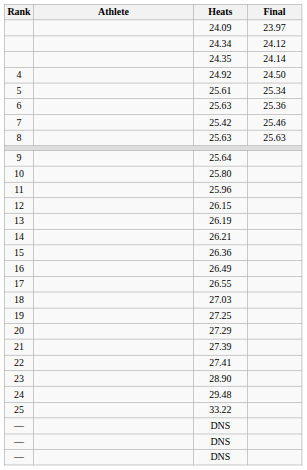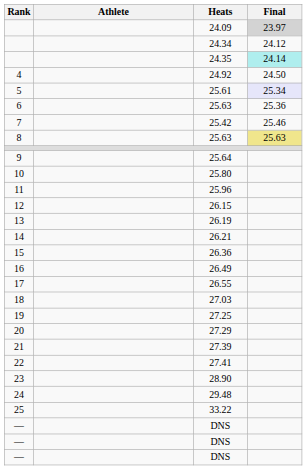 <table class=wikitable style="text-align:center">
 <tr>
 <th width=40>Rank</th>
 <th width=250>Athlete</th>
 <th width=80>Heats</th>
 <th width=80>Final</th>
 </tr>
 <tr>
 <td></td>
 <td align=left></td>
 <td>24.09</td>
-<td>23.97</td>
+<td style="background: lightgrey;">23.97</td>
 </tr>
 <tr>
 <td></td>
 <td align=left></td>
 <td>24.34</td>
 <td>24.12</td>
 </tr>
 <tr>
 <td></td>
 <td align=left></td>
 <td>24.35</td>
-<td>24.14</td>
+<td style="background: paleturquoise;">24.14</td>
 </tr>
 <tr>
 <td>4</td>
 <td align=left></td>
 <td>24.92</td>
 <td>24.50</td>
 </tr>
 <tr>
 <td>5</td>
 <td align=left></td>
 <td>25.61</td>
-<td>25.34</td>
+<td style="background: lavender;">25.34</td>
 </tr>
 <tr>
 <td>6</td>
 <td align=left></td>
 <td>25.63</td>
 <td>25.36</td>
 </tr>
 <tr>
 <td>7</td>
 <td align=left></td>
 <td>25.42</td>
 <td>25.46</td>
 </tr>
 <tr>
 <td>8</td>
 <td align=left></td>
 <td>25.63</td>
-<td>25.63</td>
+<td style="background: khaki;">25.63</td>
 </tr>
 <tr bgcolor=#DDDDDD>
 <td colspan=4></td>
 </tr>
 <tr>
 <td>9</td>
 <td align=left></td>
 <td>25.64</td>
 <td></td>
 </tr>
 <tr>
 <td>10</td>
 <td align=left></td>
 <td>25.80</td>
 <td></td>
 </tr>
 <tr>
 <td>11</td>
 <td align=left></td>
 <td>25.96</td>
 <td></td>
 </tr>
 <tr>
 <td>12</td>
 <td align=left></td>
 <td>26.15</td>
 <td></td>
 </tr>
 <tr>
 <td>13</td>
 <td align=left></td>
 <td>26.19</td>
 <td></td>
 </tr>
 <tr>
 <td>14</td>
 <td align=left></td>
 <td>26.21</td>
 <td></td>
 </tr>
 <tr>
 <td>15</td>
 <td align=left></td>
 <td>26.36</td>
 <td></td>
 </tr>
 <tr>
 <td>16</td>
 <td align=left></td>
 <td>26.49</td>
 <td></td>
 </tr>
 <tr>
 <td>17</td>
 <td align=left></td>
 <td>26.55</td>
 <td></td>
 </tr>
 <tr>
 <td>18</td>
 <td align=left></td>
 <td>27.03</td>
 <td></td>
 </tr>
 <tr>
 <td>19</td>
 <td align=left></td>
 <td>27.25</td>
 <td></td>
 </tr>
 <tr>
 <td>20</td>
 <td align=left></td>
 <td>27.29</td>
 <td></td>
 </tr>
 <tr>
 <td>21</td>
 <td align=left></td>
 <td>27.39</td>
 <td></td>
 </tr>
 <tr>
 <td>22</td>
 <td align=left></td>
 <td>27.41</td>
 <td></td>
 </tr>
 <tr>
 <td>23</td>
 <td align=left></td>
 <td>28.90</td>
 <td></td>
 </tr>
 <tr>
 <td>24</td>
 <td align=left></td>
 <td>29.48</td>
 <td></td>
 </tr>
 <tr>
 <td>25</td>
 <td align=left></td>
 <td>33.22</td>
 <td></td>
 </tr>
 <tr>
 <td>—</td>
 <td align=left></td>
 <td>DNS</td>
 <td></td>
 </tr>
 <tr>
 <td>—</td>
 <td align=left></td>
 <td>DNS</td>
 <td></td>
 </tr>
 <tr>
 <td>—</td>
 <td align=left></td>
 <td>DNS</td>
 <td></td>
 </tr>
 </table>
